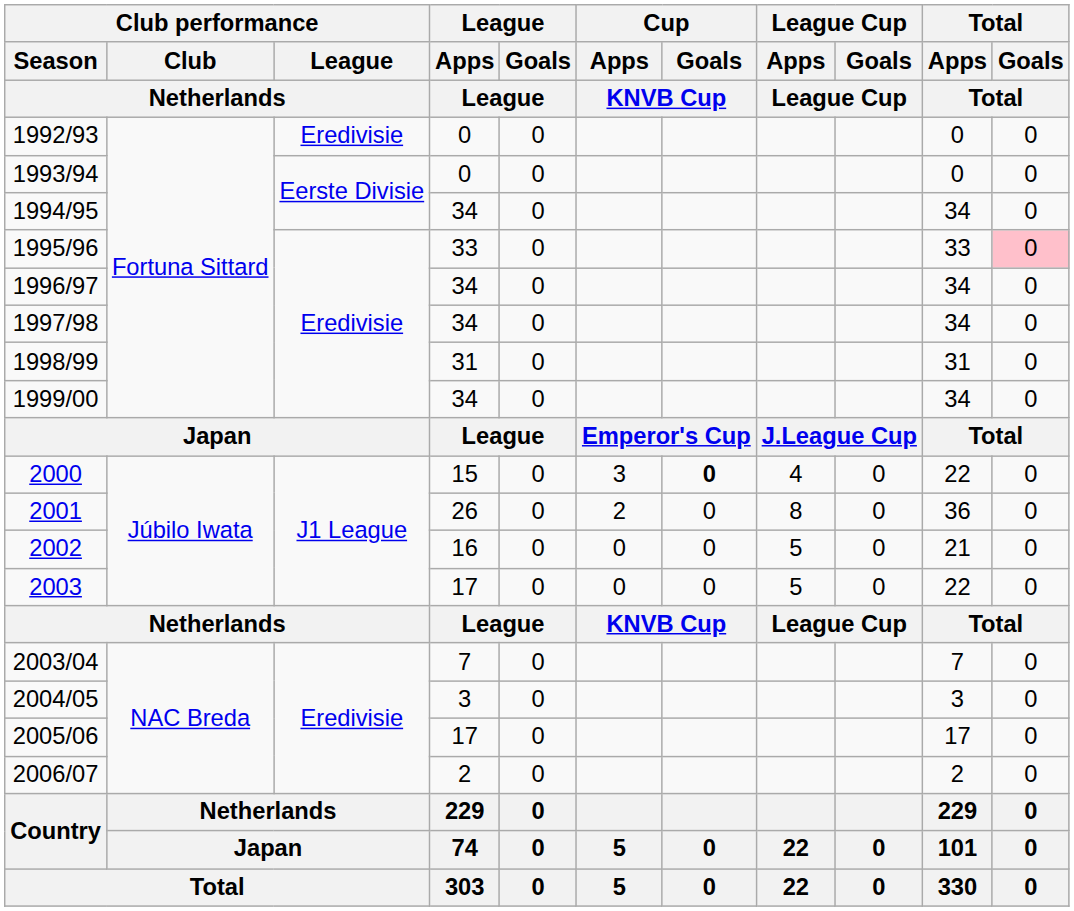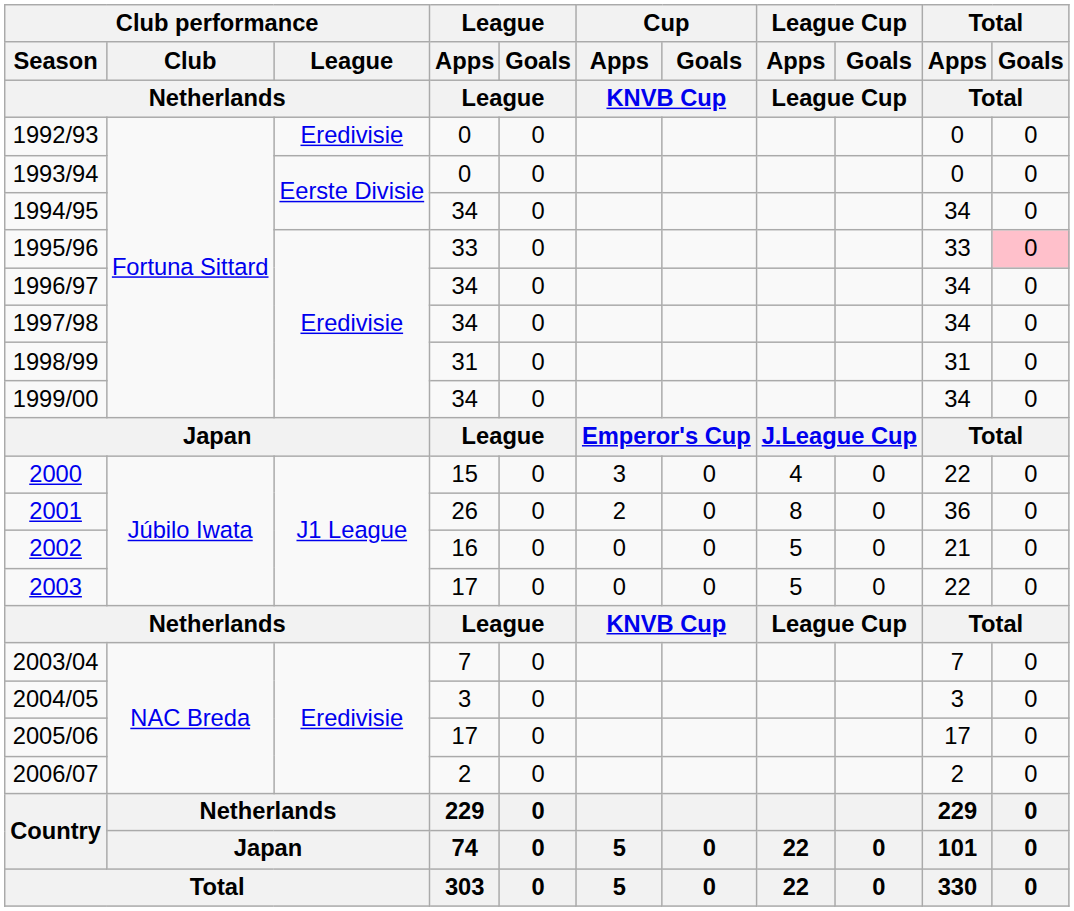 <table class="wikitable" style="text-align:center;">
 <tr>
 <th colspan=3>Club performance</th>
 <th colspan=2>League</th>
 <th colspan=2>Cup</th>
 <th colspan=2>League Cup</th>
 <th colspan=2>Total</th>
 </tr>
 <tr>
 <th>Season</th>
 <th>Club</th>
 <th>League</th>
 <th>Apps</th>
 <th>Goals</th>
 <th>Apps</th>
 <th>Goals</th>
 <th>Apps</th>
 <th>Goals</th>
 <th>Apps</th>
 <th>Goals</th>
 </tr>
 <tr>
 <th colspan=3>Netherlands</th>
 <th colspan=2>League</th>
 <th colspan=2><a href='#'>KNVB Cup</a></th>
 <th colspan=2>League Cup</th>
 <th colspan=2>Total</th>
 </tr>
 <tr>
 <td>1992/93</td>
 <td rowspan="8"><a href='#'>Fortuna Sittard</a></td>
 <td><a href='#'>Eredivisie</a></td>
 <td>0</td>
 <td>0</td>
 <td></td>
 <td></td>
 <td></td>
 <td></td>
 <td>0</td>
 <td>0</td>
 </tr>
 <tr>
 <td>1993/94</td>
 <td rowspan="2"><a href='#'>Eerste Divisie</a></td>
 <td>0</td>
 <td>0</td>
 <td></td>
 <td></td>
 <td></td>
 <td></td>
 <td>0</td>
 <td>0</td>
 </tr>
 <tr>
 <td>1994/95</td>
 <td>34</td>
 <td>0</td>
 <td></td>
 <td></td>
 <td></td>
 <td></td>
 <td>34</td>
 <td>0</td>
 </tr>
 <tr>
 <td>1995/96</td>
 <td rowspan="5"><a href='#'>Eredivisie</a></td>
 <td>33</td>
 <td>0</td>
 <td></td>
 <td></td>
 <td></td>
 <td></td>
 <td>33</td>
 <td style="background: pink;">0</td>
 </tr>
 <tr>
 <td>1996/97</td>
 <td>34</td>
 <td>0</td>
 <td></td>
 <td></td>
 <td></td>
 <td></td>
 <td>34</td>
 <td>0</td>
 </tr>
 <tr>
 <td>1997/98</td>
 <td>34</td>
 <td>0</td>
 <td></td>
 <td></td>
 <td></td>
 <td></td>
 <td>34</td>
 <td>0</td>
 </tr>
 <tr>
 <td>1998/99</td>
 <td>31</td>
 <td>0</td>
 <td></td>
 <td></td>
 <td></td>
 <td></td>
 <td>31</td>
 <td>0</td>
 </tr>
 <tr>
 <td>1999/00</td>
 <td>34</td>
 <td>0</td>
 <td></td>
 <td></td>
 <td></td>
 <td></td>
 <td>34</td>
 <td>0</td>
 </tr>
 <tr>
 <th colspan=3>Japan</th>
 <th colspan=2>League</th>
 <th colspan=2><a href='#'>Emperor's Cup</a></th>
 <th colspan=2><a href='#'>J.League Cup</a></th>
 <th colspan=2>Total</th>
 </tr>
 <tr>
 <td><a href='#'>2000</a></td>
 <td rowspan="4"><a href='#'>Júbilo Iwata</a></td>
 <td rowspan="4"><a href='#'>J1 League</a></td>
 <td>15</td>
 <td>0</td>
 <td>3</td>
-<td><strong>0</strong></td>
+<td>0</td>
 <td>4</td>
 <td>0</td>
 <td>22</td>
 <td>0</td>
 </tr>
 <tr>
 <td><a href='#'>2001</a></td>
 <td>26</td>
 <td>0</td>
 <td>2</td>
 <td>0</td>
 <td>8</td>
 <td>0</td>
 <td>36</td>
 <td>0</td>
 </tr>
 <tr>
 <td><a href='#'>2002</a></td>
 <td>16</td>
 <td>0</td>
 <td>0</td>
 <td>0</td>
 <td>5</td>
 <td>0</td>
 <td>21</td>
 <td>0</td>
 </tr>
 <tr>
 <td><a href='#'>2003</a></td>
 <td>17</td>
 <td>0</td>
 <td>0</td>
 <td>0</td>
 <td>5</td>
 <td>0</td>
 <td>22</td>
 <td>0</td>
 </tr>
 <tr>
 <th colspan=3>Netherlands</th>
 <th colspan=2>League</th>
 <th colspan=2><a href='#'>KNVB Cup</a></th>
 <th colspan=2>League Cup</th>
 <th colspan=2>Total</th>
 </tr>
 <tr>
 <td>2003/04</td>
 <td rowspan="4"><a href='#'>NAC Breda</a></td>
 <td rowspan="4"><a href='#'>Eredivisie</a></td>
 <td>7</td>
 <td>0</td>
 <td></td>
 <td></td>
 <td></td>
 <td></td>
 <td>7</td>
 <td>0</td>
 </tr>
 <tr>
 <td>2004/05</td>
 <td>3</td>
 <td>0</td>
 <td></td>
 <td></td>
 <td></td>
 <td></td>
 <td>3</td>
 <td>0</td>
 </tr>
 <tr>
 <td>2005/06</td>
 <td>17</td>
 <td>0</td>
 <td></td>
 <td></td>
 <td></td>
 <td></td>
 <td>17</td>
 <td>0</td>
 </tr>
 <tr>
 <td>2006/07</td>
 <td>2</td>
 <td>0</td>
 <td></td>
 <td></td>
 <td></td>
 <td></td>
 <td>2</td>
 <td>0</td>
 </tr>
 <tr>
 <th rowspan=2>Country</th>
 <th colspan=2>Netherlands</th>
 <th>229</th>
 <th>0</th>
 <th></th>
 <th></th>
 <th></th>
 <th></th>
 <th>229</th>
 <th>0</th>
 </tr>
 <tr>
 <th colspan=2>Japan</th>
 <th>74</th>
 <th>0</th>
 <th>5</th>
 <th>0</th>
 <th>22</th>
 <th>0</th>
 <th>101</th>
 <th>0</th>
 </tr>
 <tr>
 <th colspan=3>Total</th>
 <th>303</th>
 <th>0</th>
 <th>5</th>
 <th>0</th>
 <th>22</th>
 <th>0</th>
 <th>330</th>
 <th>0</th>
 </tr>
 </table>
